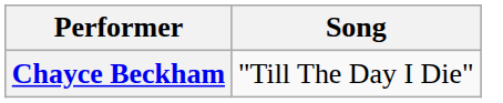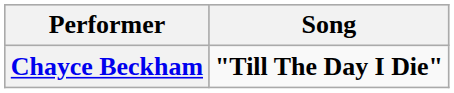 <table class="wikitable unsortable" style="text-align:center;">
 <tr>
 <th scope="col">Performer</th>
 <th scope="col">Song</th>
 </tr>
 <tr>
 <th scope="row"><a href='#'>Chayce Beckham</a></th>
-<td>"Till The Day I Die"</td>
+<td><strong>"Till The Day I Die"</strong></td>
 </tr>
 </table>
